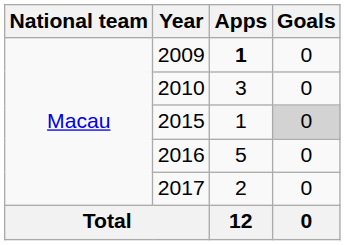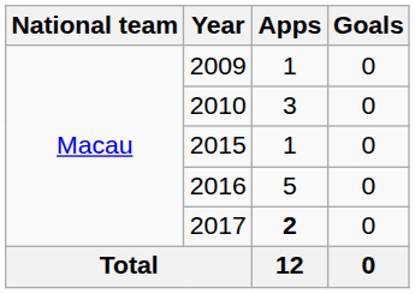 <table class="wikitable" style="text-align:center">
 <tr>
 <th>National team</th>
 <th>Year</th>
 <th>Apps</th>
 <th>Goals</th>
 </tr>
 <tr>
 <td rowspan="5"><a href='#'>Macau</a></td>
 <td>2009</td>
-<td><strong>1</strong></td>
+<td>1</td>
 <td>0</td>
 </tr>
 <tr>
 <td>2010</td>
 <td>3</td>
 <td>0</td>
 </tr>
 <tr>
 <td>2015</td>
 <td>1</td>
-<td style="background: lightgrey;">0</td>
+<td>0</td>
 </tr>
 <tr>
 <td>2016</td>
 <td>5</td>
 <td>0</td>
 </tr>
 <tr>
 <td>2017</td>
-<td>2</td>
+<td><strong>2</strong></td>
 <td>0</td>
 </tr>
 <tr>
 <th colspan=2>Total</th>
 <th>12</th>
 <th>0</th>
 </tr>
 </table>
